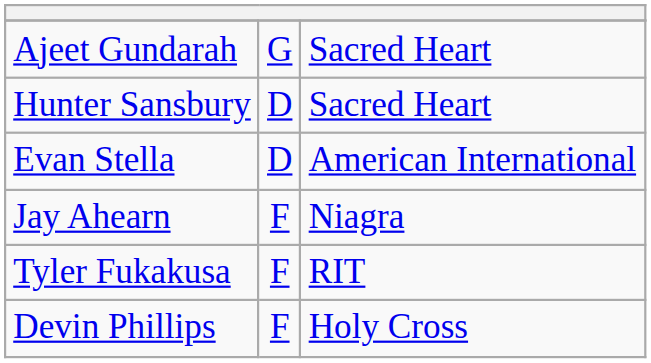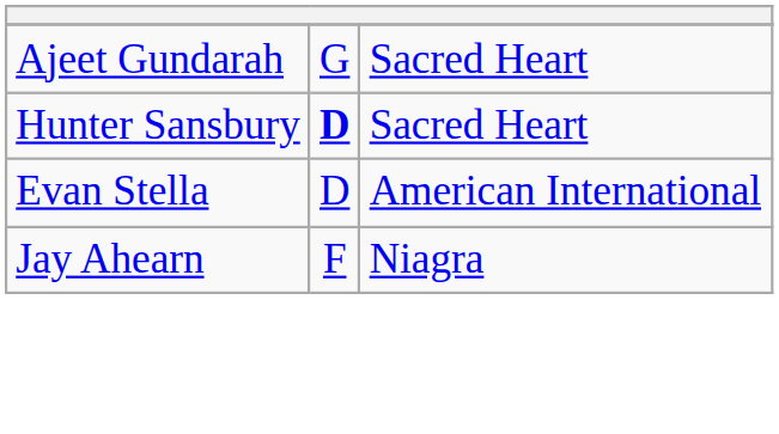 <table class="wikitable">
 <tr>
 <th colspan=3;><a href='#'><strong></strong></a></th>
 </tr>
 <tr>
 </tr>
 <tr>
 <td><a href='#'>Ajeet Gundarah</a></td>
 <td style="text-align:center;"><a href='#'>G</a></td>
 <td><a href='#'>Sacred Heart</a></td>
 </tr>
 <tr>
 <td><a href='#'>Hunter Sansbury</a></td>
-<td style="text-align:center;"><a href='#'>D</a></td>
+<td style="text-align:center;"><strong><a href='#'>D</a></strong></td>
 <td><a href='#'>Sacred Heart</a></td>
 </tr>
 <tr>
 <td><a href='#'>Evan Stella</a></td>
 <td style="text-align:center;"><a href='#'>D</a></td>
 <td><a href='#'>American International</a></td>
 </tr>
 <tr>
 <td><a href='#'>Jay Ahearn</a></td>
 <td style="text-align:center;"><a href='#'>F</a></td>
 <td><a href='#'>Niagra</a></td>
 </tr>
-<tr>
-<td><a href='#'>Tyler Fukakusa</a></td>
-<td style="text-align:center;"><a href='#'>F</a></td>
-<td><a href='#'>RIT</a></td>
-</tr>
-<tr>
-<td><a href='#'>Devin Phillips</a></td>
-<td style="text-align:center;"><a href='#'>F</a></td>
-<td><a href='#'>Holy Cross</a></td>
-</tr>
 </table>
